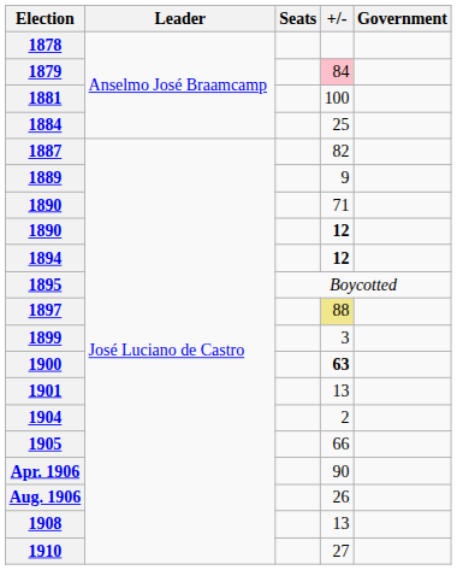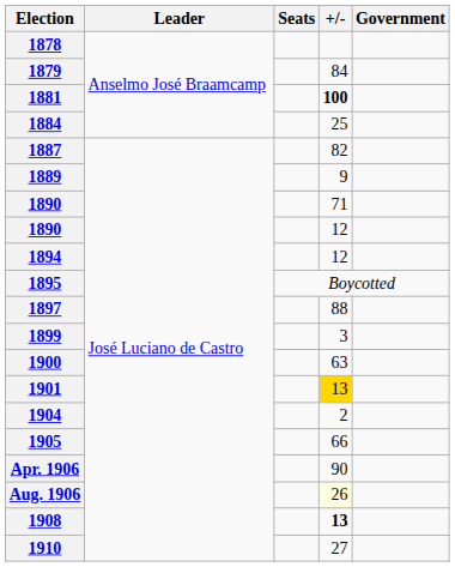 <table class="wikitable" style="text-align:right;">
 <tr>
 <th>Election</th>
 <th width="175px">Leader</th>
 <th>Seats</th>
 <th>+/-</th>
 <th>Government</th>
 </tr>
 <tr>
 <th><a href='#'>1878</a></th>
 <td rowspan="4" align=left><a href='#'>Anselmo José Braamcamp</a></td>
 <td></td>
 <td></td>
 <td></td>
 </tr>
 <tr>
 <th><a href='#'>1879</a></th>
 <td></td>
-<td style="background: pink;">84</td>
+<td>84</td>
 <td></td>
 </tr>
 <tr>
 <th><a href='#'>1881</a></th>
 <td></td>
-<td>100</td>
+<td><strong>100</strong></td>
 <td></td>
 </tr>
 <tr>
 <th><a href='#'>1884</a></th>
 <td></td>
 <td>25</td>
 <td></td>
 </tr>
 <tr>
 <th><a href='#'>1887</a></th>
 <td rowspan="16" align=left><a href='#'>José Luciano de Castro</a></td>
 <td></td>
 <td>82</td>
 <td></td>
 </tr>
 <tr>
 <th><a href='#'>1889</a></th>
 <td></td>
 <td>9</td>
 <td></td>
 </tr>
 <tr>
 <th><a href='#'>1890</a></th>
 <td></td>
 <td>71</td>
 <td></td>
 </tr>
 <tr>
 <th><a href='#'>1890</a></th>
 <td></td>
-<td><strong>12</strong></td>
+<td>12</td>
 <td></td>
 </tr>
 <tr>
 <th><a href='#'>1894</a></th>
 <td></td>
-<td><strong>12</strong></td>
+<td>12</td>
 <td></td>
 </tr>
 <tr>
 <th><a href='#'>1895</a></th>
 <td colspan="3" align="center"><em>Boycotted</em></td>
 </tr>
 <tr>
 <th><a href='#'>1897</a></th>
 <td></td>
-<td style="background: khaki;">88</td>
+<td>88</td>
 <td></td>
 </tr>
 <tr>
 <th><a href='#'>1899</a></th>
 <td></td>
 <td>3</td>
 <td></td>
 </tr>
 <tr>
 <th><a href='#'>1900</a></th>
 <td></td>
-<td><strong>63</strong></td>
+<td>63</td>
 <td></td>
 </tr>
 <tr>
 <th><a href='#'>1901</a></th>
 <td></td>
-<td>13</td>
+<td style="background: gold;">13</td>
 <td></td>
 </tr>
 <tr>
 <th><a href='#'>1904</a></th>
 <td></td>
 <td>2</td>
 <td></td>
 </tr>
 <tr>
 <th><a href='#'>1905</a></th>
 <td></td>
 <td>66</td>
 <td></td>
 </tr>
 <tr>
 <th><a href='#'>Apr. 1906</a></th>
 <td></td>
 <td>90</td>
 <td></td>
 </tr>
 <tr>
 <th><a href='#'>Aug. 1906</a></th>
 <td></td>
-<td>26</td>
+<td style="background: lightyellow;">26</td>
 <td></td>
 </tr>
 <tr>
 <th><a href='#'>1908</a></th>
 <td></td>
-<td>13</td>
+<td><strong>13</strong></td>
 <td></td>
 </tr>
 <tr>
 <th><a href='#'>1910</a></th>
 <td></td>
 <td>27</td>
 <td></td>
 </tr>
 </table>
